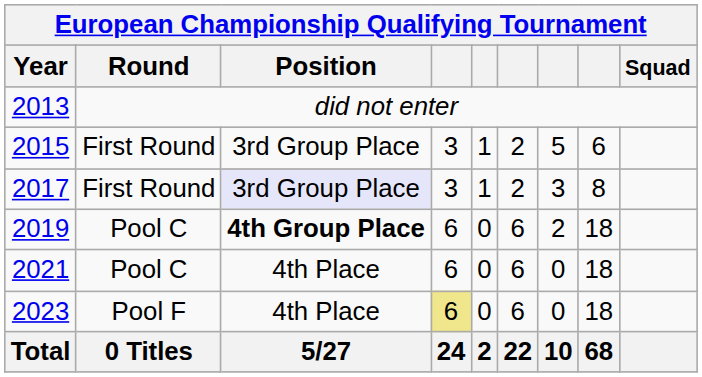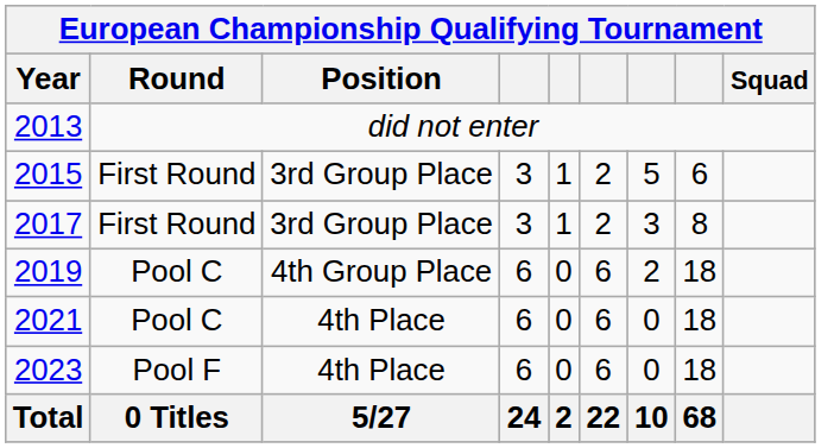 <table class="wikitable" style="text-align: center;">
 <tr>
 <th colspan=9><a href='#'>European Championship Qualifying Tournament</a></th>
 </tr>
 <tr>
 <th>Year</th>
 <th>Round</th>
 <th>Position</th>
 <th></th>
 <th></th>
 <th></th>
 <th></th>
 <th></th>
 <th><small>Squad</small></th>
 </tr>
 <tr bgcolor=>
 <td><a href='#'>2013</a></td>
 <td colspan=8><em>did not enter</em></td>
 </tr>
 <tr bgcolor=>
 <td><a href='#'>2015</a></td>
 <td>First Round</td>
 <td>3rd Group Place</td>
 <td>3</td>
 <td>1</td>
 <td>2</td>
 <td>5</td>
 <td>6</td>
 <td></td>
 </tr>
 <tr>
 <td><a href='#'>2017</a></td>
 <td>First Round</td>
-<td style="background: lavender;">3rd Group Place</td>
+<td>3rd Group Place</td>
 <td>3</td>
 <td>1</td>
 <td>2</td>
 <td>3</td>
 <td>8</td>
 <td></td>
 </tr>
 <tr>
 <td><a href='#'>2019</a></td>
 <td>Pool C</td>
-<td><strong>4th Group Place</strong></td>
+<td>4th Group Place</td>
 <td>6</td>
 <td>0</td>
 <td>6</td>
 <td>2</td>
 <td>18</td>
 <td></td>
 </tr>
 <tr>
 <td><a href='#'>2021</a></td>
 <td>Pool C</td>
 <td>4th Place</td>
 <td>6</td>
 <td>0</td>
 <td>6</td>
 <td>0</td>
 <td>18</td>
 <td></td>
 </tr>
 <tr>
 <td><a href='#'>2023</a></td>
 <td>Pool F</td>
 <td>4th Place</td>
-<td style="background: khaki;">6</td>
+<td>6</td>
 <td>0</td>
 <td>6</td>
 <td>0</td>
 <td>18</td>
 <td></td>
 </tr>
 <tr>
 <th>Total</th>
 <th>0 Titles</th>
 <th>5/27</th>
 <th>24</th>
 <th>2</th>
 <th>22</th>
 <th>10</th>
 <th>68</th>
 <th></th>
 </tr>
 </table>
